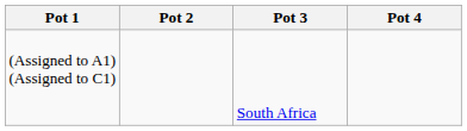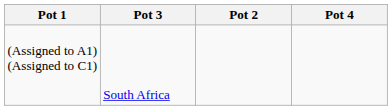 <table class=wikitable>
 <tr>
 <th width=25%>Pot 1</th>
+<th width=25%>Pot 3</th>
 <th width=25%>Pot 2</th>
-<th width=25%>Pot 3</th>
 <th width=25%>Pot 4</th>
 </tr>
 <tr valign=top>
 <td><br> (Assigned to A1)<br>  (Assigned to C1)<br> <br> </td>
+<td><br><br> <br> <br>  <a href='#'>South Africa</a></td>
 <td><br><br> <br> <br> </td>
-<td><br><br> <br> <br>  <a href='#'>South Africa</a></td>
 <td><br><br> <br> <br> </td>
 </tr>
 </table>
